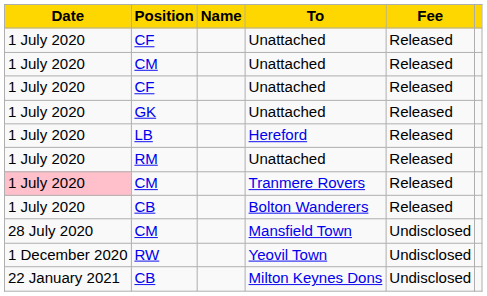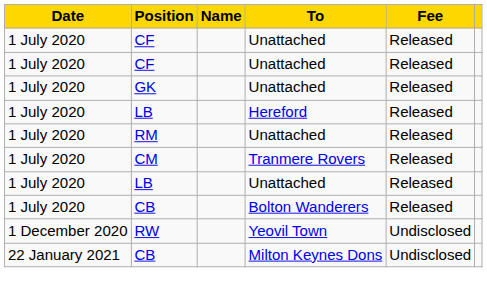 <table class="wikitable plainrowheaders sortable">
 <tr>
 <th style="background:#ffd700; color:#000000; ">Date</th>
 <th style="background:#ffd700; color:#000000; ">Position</th>
 <th style="background:#ffd700; color:#000000; ">Name</th>
 <th style="background:#ffd700; color:#000000; ">To</th>
 <th style="background:#ffd700; color:#000000; ">Fee</th>
 <th style="background:#ffd700; color:#000000; "></th>
 </tr>
 <tr>
 <td>1 July 2020</td>
 <td><a href='#'>CF</a></td>
-<td></td>
-<td>Unattached</td>
-<td>Released</td>
-<td></td>
-</tr>
-<tr>
-<td>1 July 2020</td>
-<td><a href='#'>CM</a></td>
 <td></td>
 <td>Unattached</td>
 <td>Released</td>
 <td></td>
 </tr>
 <tr>
 <td>1 July 2020</td>
 <td><a href='#'>CF</a></td>
 <td></td>
 <td>Unattached</td>
 <td>Released</td>
 <td></td>
 </tr>
 <tr>
 <td>1 July 2020</td>
 <td><a href='#'>GK</a></td>
 <td></td>
 <td>Unattached</td>
 <td>Released</td>
 <td></td>
 </tr>
 <tr>
 <td>1 July 2020</td>
 <td><a href='#'>LB</a></td>
 <td></td>
 <td><a href='#'>Hereford</a></td>
 <td>Released</td>
 <td></td>
 </tr>
 <tr>
 <td>1 July 2020</td>
 <td><a href='#'>RM</a></td>
 <td></td>
 <td>Unattached</td>
 <td>Released</td>
 <td></td>
 </tr>
 <tr>
-<td style="background: pink;">1 July 2020</td>
+<td>1 July 2020</td>
 <td><a href='#'>CM</a></td>
 <td></td>
 <td><a href='#'>Tranmere Rovers</a></td>
+<td>Released</td>
+<td></td>
+</tr>
+<tr>
+<td>1 July 2020</td>
+<td><a href='#'>LB</a></td>
+<td></td>
+<td>Unattached</td>
 <td>Released</td>
 <td></td>
 </tr>
 <tr>
 <td>1 July 2020</td>
 <td><a href='#'>CB</a></td>
 <td></td>
 <td><a href='#'>Bolton Wanderers</a></td>
 <td>Released</td>
-<td></td>
-</tr>
-<tr>
-<td>28 July 2020</td>
-<td><a href='#'>CM</a></td>
-<td></td>
-<td><a href='#'>Mansfield Town</a></td>
-<td>Undisclosed</td>
 <td></td>
 </tr>
 <tr>
 <td>1 December 2020</td>
 <td><a href='#'>RW</a></td>
 <td></td>
 <td><a href='#'>Yeovil Town</a></td>
 <td>Undisclosed</td>
 <td></td>
 </tr>
 <tr>
 <td>22 January 2021</td>
 <td><a href='#'>CB</a></td>
 <td></td>
 <td><a href='#'>Milton Keynes Dons</a></td>
 <td>Undisclosed</td>
 <td></td>
 </tr>
 </table>
